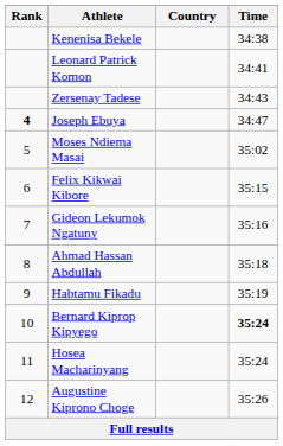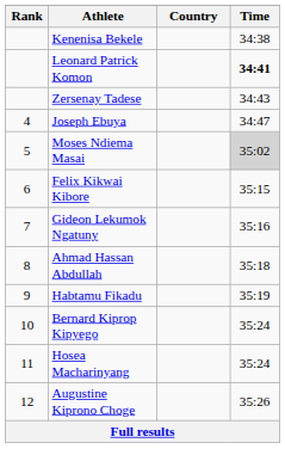 <table class="wikitable sortable" style=" text-align:center; font-size:95%;" width="50%">
 <tr>
 </tr>
 <tr>
 <th width=5%>Rank</th>
 <th width=20%>Athlete</th>
 <th width=15%>Country</th>
 <th width=10%>Time</th>
 </tr>
 <tr>
 <td align=center></td>
 <td align=left><a href='#'>Kenenisa Bekele</a></td>
 <td align=left></td>
 <td>34:38</td>
 </tr>
 <tr>
 <td align=center></td>
 <td align=left><a href='#'>Leonard Patrick Komon</a></td>
 <td align=left></td>
-<td>34:41</td>
+<td><strong>34:41</strong></td>
 </tr>
 <tr>
 <td align=center></td>
 <td align=left><a href='#'>Zersenay Tadese</a></td>
 <td align=left></td>
 <td>34:43</td>
 </tr>
 <tr>
-<td align=center><strong>4</strong></td>
+<td align=center>4</td>
 <td align=left><a href='#'>Joseph Ebuya</a></td>
 <td align=left></td>
 <td>34:47</td>
 </tr>
 <tr>
 <td align=center>5</td>
 <td align=left><a href='#'>Moses Ndiema Masai</a></td>
 <td align=left></td>
-<td>35:02</td>
+<td style="background: lightgrey;">35:02</td>
 </tr>
 <tr>
 <td align=center>6</td>
 <td align=left><a href='#'>Felix Kikwai Kibore</a></td>
 <td align=left></td>
 <td>35:15</td>
 </tr>
 <tr>
 <td align=center>7</td>
 <td align=left><a href='#'>Gideon Lekumok Ngatuny</a></td>
 <td align=left></td>
 <td>35:16</td>
 </tr>
 <tr>
 <td align=center>8</td>
 <td align=left><a href='#'>Ahmad Hassan Abdullah</a></td>
 <td align=left></td>
 <td>35:18</td>
 </tr>
 <tr>
 <td align=center>9</td>
 <td align=left><a href='#'>Habtamu Fikadu</a></td>
 <td align=left></td>
 <td>35:19</td>
 </tr>
 <tr>
 <td align=center>10</td>
 <td align=left><a href='#'>Bernard Kiprop Kipyego</a></td>
 <td align=left></td>
-<td><strong>35:24</strong></td>
+<td>35:24</td>
 </tr>
 <tr>
 <td align=center>11</td>
 <td align=left><a href='#'>Hosea Macharinyang</a></td>
 <td align=left></td>
 <td>35:24</td>
 </tr>
 <tr>
 <td align=center>12</td>
 <td align=left><a href='#'>Augustine Kiprono Choge</a></td>
 <td align=left></td>
 <td>35:26</td>
 </tr>
 <tr class="sortbottom">
 <th colspan=4 align=center><a href='#'>Full results</a></th>
 </tr>
 </table>
